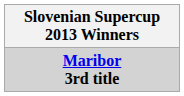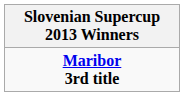 <table class="wikitable" style="text-align: center; margin: 0 auto; width: 20%">
 <tr>
 <th>Slovenian Supercup <br>2013 Winners</th>
 </tr>
 <tr>
-<td style="background: lightgrey;"><strong><a href='#'>Maribor</a></strong><br><strong>3rd title</strong></td>
+<td><strong><a href='#'>Maribor</a></strong><br><strong>3rd title</strong></td>
 </tr>
 </table>
